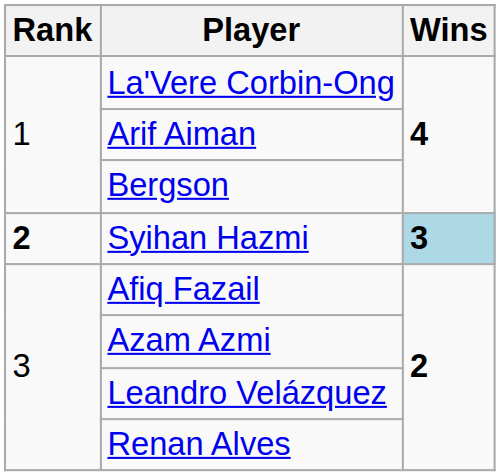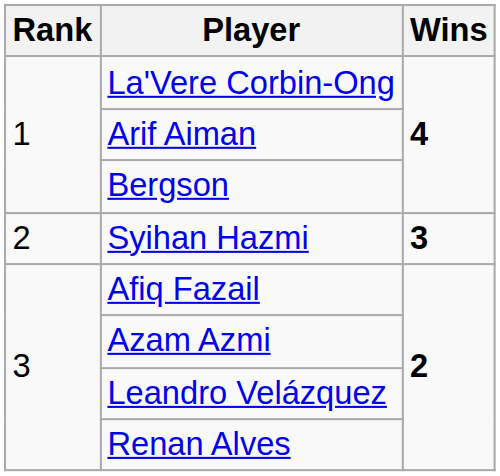 <table class="wikitable">
 <tr>
 <th>Rank</th>
 <th>Player</th>
 <th>Wins</th>
 </tr>
 <tr>
 <td rowspan="3">1</td>
 <td> <a href='#'>La'Vere Corbin-Ong</a></td>
 <td rowspan="3"><strong>4</strong></td>
 </tr>
 <tr>
 <td> <a href='#'>Arif Aiman</a></td>
 </tr>
 <tr>
 <td> <a href='#'>Bergson</a></td>
 </tr>
 <tr>
-<td><strong>2</strong></td>
+<td>2</td>
 <td> <a href='#'>Syihan Hazmi</a></td>
-<td style="background: lightblue;"><strong>3</strong></td>
+<td><strong>3</strong></td>
 </tr>
 <tr>
 <td rowspan="4">3</td>
 <td> <a href='#'>Afiq Fazail</a></td>
 <td rowspan="4"><strong>2</strong></td>
 </tr>
 <tr>
 <td> <a href='#'>Azam Azmi</a></td>
 </tr>
 <tr>
 <td> <a href='#'>Leandro Velázquez</a></td>
 </tr>
 <tr>
 <td> <a href='#'>Renan Alves</a></td>
 </tr>
 </table>
